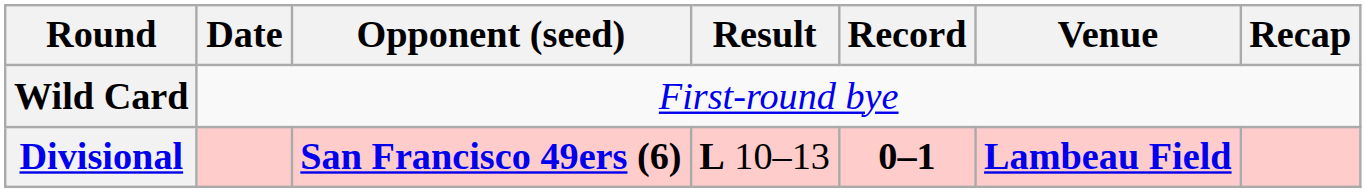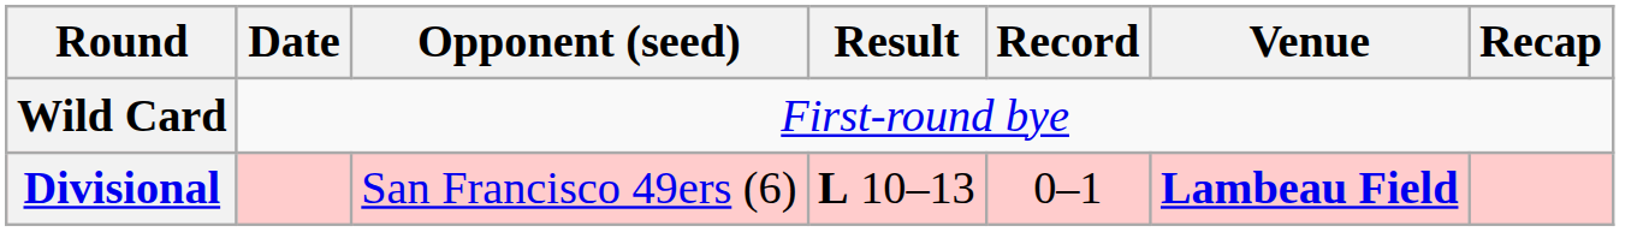 <table class="wikitable" style="text-align:center">
 <tr>
 <th>Round</th>
 <th>Date</th>
 <th>Opponent (seed)</th>
 <th>Result</th>
 <th>Record</th>
 <th>Venue</th>
 <th>Recap</th>
 </tr>
 <tr>
 <th>Wild Card</th>
 <td colspan="6"><em><a href='#'>First-round bye</a></em></td>
 </tr>
 <tr style="background:#fcc">
 <th><a href='#'>Divisional</a></th>
 <td></td>
-<td><strong><a href='#'>San Francisco 49ers</a> (6)</strong></td>
+<td><a href='#'>San Francisco 49ers</a> (6)</td>
 <td><strong>L</strong> 10–13</td>
-<td><strong>0–1</strong></td>
+<td>0–1</td>
 <td><strong><a href='#'>Lambeau Field</a></strong></td>
 <td></td>
 </tr>
 </table>
